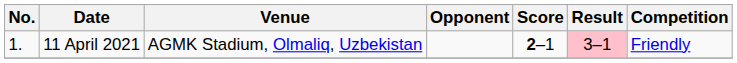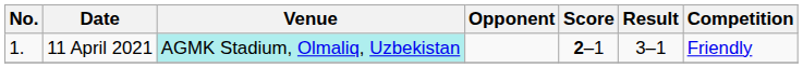 <table class="wikitable">
 <tr>
 <th>No.</th>
 <th>Date</th>
 <th>Venue</th>
 <th>Opponent</th>
 <th>Score</th>
 <th>Result</th>
 <th>Competition</th>
 </tr>
 <tr>
 <td>1.</td>
 <td>11 April 2021</td>
-<td>AGMK Stadium, <a href='#'>Olmaliq</a>, <a href='#'>Uzbekistan</a></td>
+<td style="background: paleturquoise;">AGMK Stadium, <a href='#'>Olmaliq</a>, <a href='#'>Uzbekistan</a></td>
 <td></td>
 <td align=center><strong>2</strong>–1</td>
-<td align=center style="background: pink;">3–1</td>
+<td align=center>3–1</td>
 <td><a href='#'>Friendly</a></td>
 </tr>
 <tr>
 </tr>
 </table>
